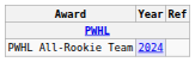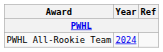 <table class="wikitable">
 <tr>
 <th>Award</th>
 <th>Year</th>
 <th>Ref</th>
 </tr>
 <tr>
 <th colspan="3"><a href='#'>PWHL</a></th>
 </tr>
 <tr>
 <td>PWHL All-Rookie Team</td>
-<td style="background: lavender;"><a href='#'>2024</a></td>
+<td><a href='#'>2024</a></td>
 <td></td>
 </tr>
 </table>
